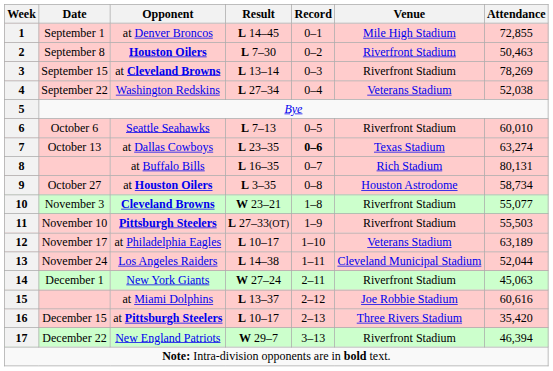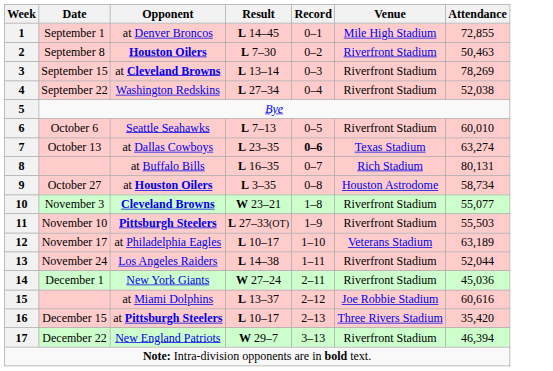 <table class="wikitable" style="text-align:center">
 <tr>
 <th>Week</th>
 <th>Date</th>
 <th>Opponent</th>
 <th>Result</th>
 <th>Record</th>
 <th>Venue</th>
 <th>Attendance</th>
 </tr>
 <tr style="background:#fcc">
 <th>1</th>
 <td>September 1</td>
 <td>at <a href='#'>Denver Broncos</a></td>
 <td><strong>L</strong> 14–45</td>
 <td>0–1</td>
 <td><a href='#'>Mile High Stadium</a></td>
 <td>72,855</td>
 </tr>
 <tr style="background:#fcc">
 <th>2</th>
 <td>September 8</td>
 <td><strong><a href='#'>Houston Oilers</a></strong></td>
 <td><strong>L</strong> 7–30</td>
 <td>0–2</td>
 <td><a href='#'>Riverfront Stadium</a></td>
 <td>50,463</td>
 </tr>
 <tr style="background:#fcc">
 <th>3</th>
 <td>September 15</td>
 <td>at <strong><a href='#'>Cleveland Browns</a></strong></td>
 <td><strong>L</strong> 13–14</td>
 <td>0–3</td>
 <td>Riverfront Stadium</td>
 <td>78,269</td>
 </tr>
 <tr style="background:#fcc">
 <th>4</th>
 <td>September 22</td>
 <td><a href='#'>Washington Redskins</a></td>
 <td><strong>L</strong> 27–34</td>
 <td>0–4</td>
-<td><a href='#'>Veterans Stadium</a></td>
+<td>Riverfront Stadium</td>
 <td>52,038</td>
 </tr>
 <tr>
 <th>5</th>
 <td colspan=7><em><a href='#'>Bye</a></em></td>
 </tr>
 <tr style="background:#fcc">
 <th>6</th>
 <td>October 6</td>
 <td><a href='#'>Seattle Seahawks</a></td>
 <td><strong>L</strong> 7–13</td>
 <td>0–5</td>
 <td>Riverfront Stadium</td>
 <td>60,010</td>
 </tr>
 <tr style="background:#fcc">
 <th>7</th>
 <td>October 13</td>
 <td>at <a href='#'>Dallas Cowboys</a></td>
 <td><strong>L</strong> 23–35</td>
 <td><strong>0–6</strong></td>
 <td><a href='#'>Texas Stadium</a></td>
 <td>63,274</td>
 </tr>
 <tr style="background:#fcc">
 <th>8</th>
 <td></td>
 <td>at <a href='#'>Buffalo Bills</a></td>
 <td><strong>L</strong> 16–35</td>
 <td>0–7</td>
 <td><a href='#'>Rich Stadium</a></td>
 <td>80,131</td>
 </tr>
 <tr style="background:#fcc">
 <th>9</th>
 <td>October 27</td>
 <td>at <strong><a href='#'>Houston Oilers</a></strong></td>
 <td><strong>L</strong> 3–35</td>
 <td>0–8</td>
 <td><a href='#'>Houston Astrodome</a></td>
 <td>58,734</td>
 </tr>
 <tr style="background:#cfc">
 <th>10</th>
 <td>November 3</td>
 <td><strong><a href='#'>Cleveland Browns</a></strong></td>
 <td><strong>W</strong> 23–21</td>
 <td>1–8</td>
 <td>Riverfront Stadium</td>
 <td>55,077</td>
 </tr>
 <tr style="background:#fcc">
 <th>11</th>
 <td>November 10</td>
 <td><strong><a href='#'>Pittsburgh Steelers</a></strong></td>
 <td><strong>L</strong> 27–33<small>(OT)</small></td>
 <td>1–9</td>
 <td>Riverfront Stadium</td>
 <td>55,503</td>
 </tr>
 <tr style="background:#fcc">
 <th>12</th>
 <td>November 17</td>
 <td>at <a href='#'>Philadelphia Eagles</a></td>
 <td><strong>L</strong> 10–17</td>
 <td>1–10</td>
 <td><a href='#'>Veterans Stadium</a></td>
 <td>63,189</td>
 </tr>
 <tr style="background:#fcc">
 <th>13</th>
 <td>November 24</td>
 <td><a href='#'>Los Angeles Raiders</a></td>
 <td><strong>L</strong> 14–38</td>
 <td>1–11</td>
-<td><a href='#'>Cleveland Municipal Stadium</a></td>
+<td>Riverfront Stadium</td>
 <td>52,044</td>
 </tr>
 <tr style="background:#cfc">
 <th>14</th>
 <td>December 1</td>
 <td><a href='#'>New York Giants</a></td>
 <td><strong>W</strong> 27–24</td>
 <td>2–11</td>
 <td>Riverfront Stadium</td>
-<td>45,063</td>
+<td>45,036</td>
 </tr>
 <tr style="background:#fcc">
 <th>15</th>
 <td></td>
 <td>at <a href='#'>Miami Dolphins</a></td>
 <td><strong>L</strong> 13–37</td>
 <td>2–12</td>
 <td><a href='#'>Joe Robbie Stadium</a></td>
 <td>60,616</td>
 </tr>
 <tr style="background:#fcc">
 <th>16</th>
 <td>December 15</td>
 <td>at <strong><a href='#'>Pittsburgh Steelers</a></strong></td>
 <td><strong>L</strong> 10–17</td>
 <td>2–13</td>
 <td><a href='#'>Three Rivers Stadium</a></td>
 <td>35,420</td>
 </tr>
 <tr style="background:#cfc">
 <th>17</th>
 <td>December 22</td>
 <td><a href='#'>New England Patriots</a></td>
 <td><strong>W</strong> 29–7</td>
 <td>3–13</td>
 <td>Riverfront Stadium</td>
 <td>46,394</td>
 </tr>
 <tr>
 <td colspan="8"><strong>Note:</strong> Intra-division opponents are in <strong>bold</strong> text.</td>
 </tr>
 </table>
